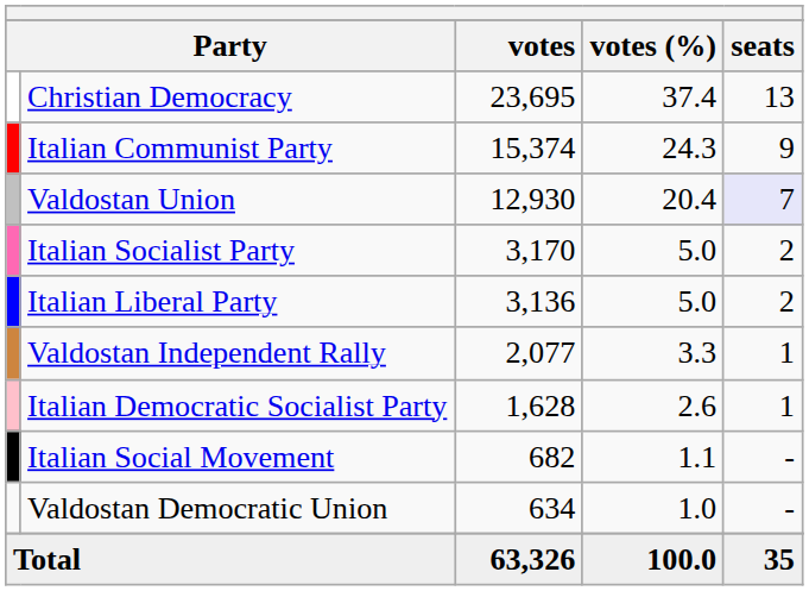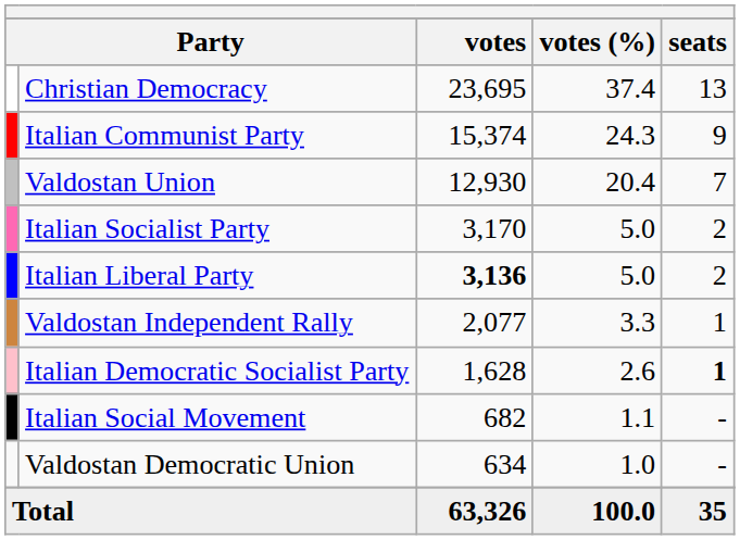 <table class="wikitable" style="font-size:95%">
 <tr>
 <th colspan=5></th>
 </tr>
 <tr>
 </tr>
 <tr bgcolor="EFEFEF">
 <th colspan=2>Party</th>
 <th>      votes</th>
 <th>votes (%)</th>
 <th>seats</th>
 </tr>
 <tr>
 <td bgcolor=White></td>
 <td><a href='#'>Christian Democracy</a></td>
 <td align=right>23,695</td>
 <td align=right>37.4</td>
 <td align=right>13</td>
 </tr>
 <tr>
 <td bgcolor=Red></td>
 <td><a href='#'>Italian Communist Party</a></td>
 <td align=right>15,374</td>
 <td align=right>24.3</td>
 <td align=right>9</td>
 </tr>
 <tr>
 <td bgcolor=Silver></td>
 <td><a href='#'>Valdostan Union</a></td>
 <td align=right>12,930</td>
 <td align=right>20.4</td>
-<td align=right style="background: lavender;">7</td>
+<td align=right>7</td>
 </tr>
 <tr>
 <td bgcolor=Hotpink></td>
 <td><a href='#'>Italian Socialist Party</a></td>
 <td align=right>3,170</td>
 <td align=right>5.0</td>
 <td align=right>2</td>
 </tr>
 <tr>
 <td bgcolor=Blue></td>
 <td><a href='#'>Italian Liberal Party</a></td>
-<td align=right>3,136</td>
+<td align=right><strong>3,136</strong></td>
 <td align=right>5.0</td>
 <td align=right>2</td>
 </tr>
 <tr>
 <td bgcolor=Peru></td>
 <td><a href='#'>Valdostan Independent Rally</a></td>
 <td align=right>2,077</td>
 <td align=right>3.3</td>
 <td align=right>1</td>
 </tr>
 <tr>
 <td bgcolor=Pink></td>
 <td><a href='#'>Italian Democratic Socialist Party</a></td>
 <td align=right>1,628</td>
 <td align=right>2.6</td>
-<td align=right>1</td>
+<td align=right><strong>1</strong></td>
 </tr>
 <tr>
 <td bgcolor=Black></td>
 <td><a href='#'>Italian Social Movement</a></td>
 <td align=right>682</td>
 <td align=right>1.1</td>
 <td align=right>-</td>
 </tr>
 <tr>
 <td bgcolor=></td>
 <td>Valdostan Democratic Union</td>
 <td align=right>634</td>
 <td align=right>1.0</td>
 <td align=right>-</td>
 </tr>
 <tr>
 </tr>
 <tr bgcolor="EFEFEF">
 <td colspan=2><strong>Total</strong></td>
 <td align=right><strong>63,326</strong></td>
 <td align=right><strong>100.0</strong></td>
 <td align=right><strong>35</strong></td>
 </tr>
 </table>
